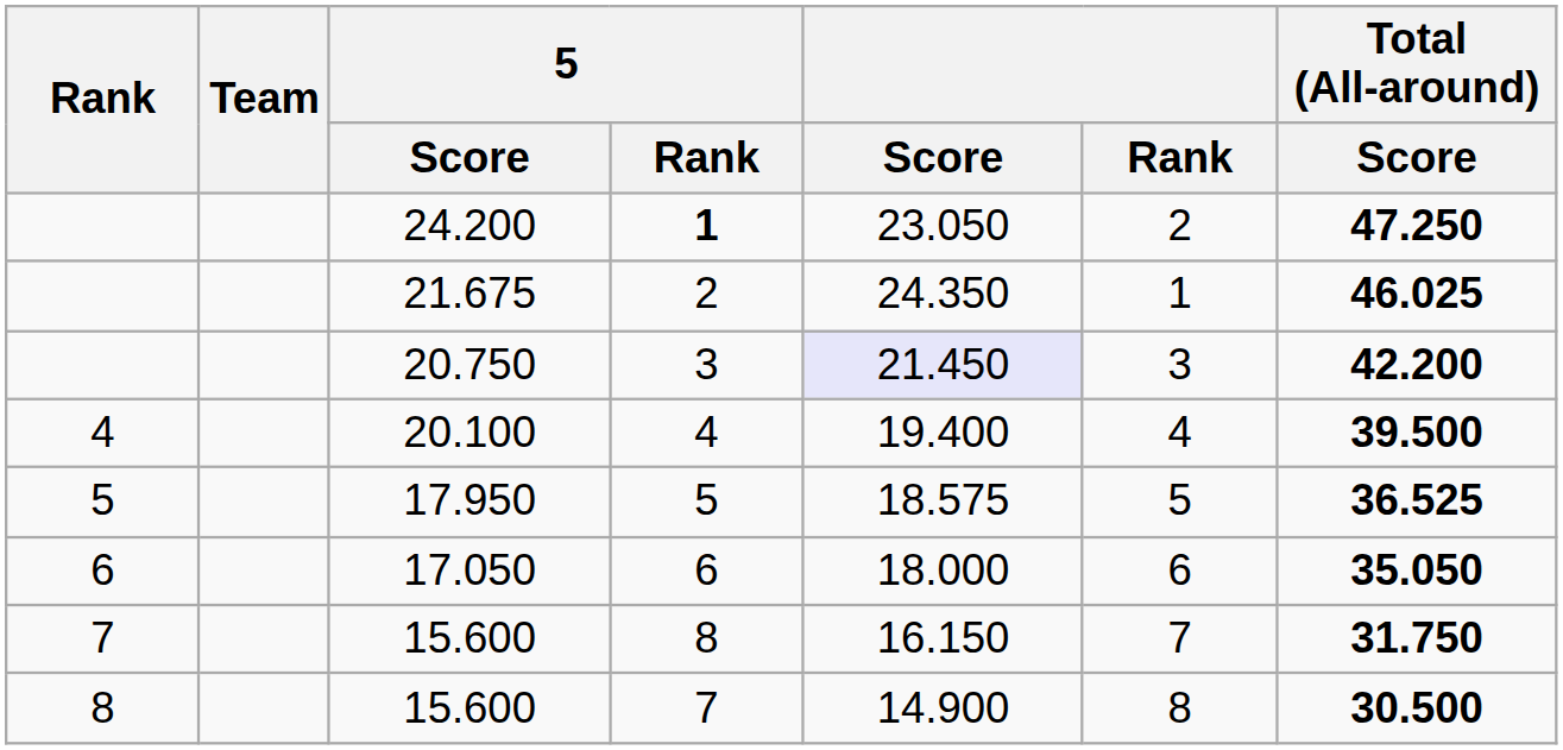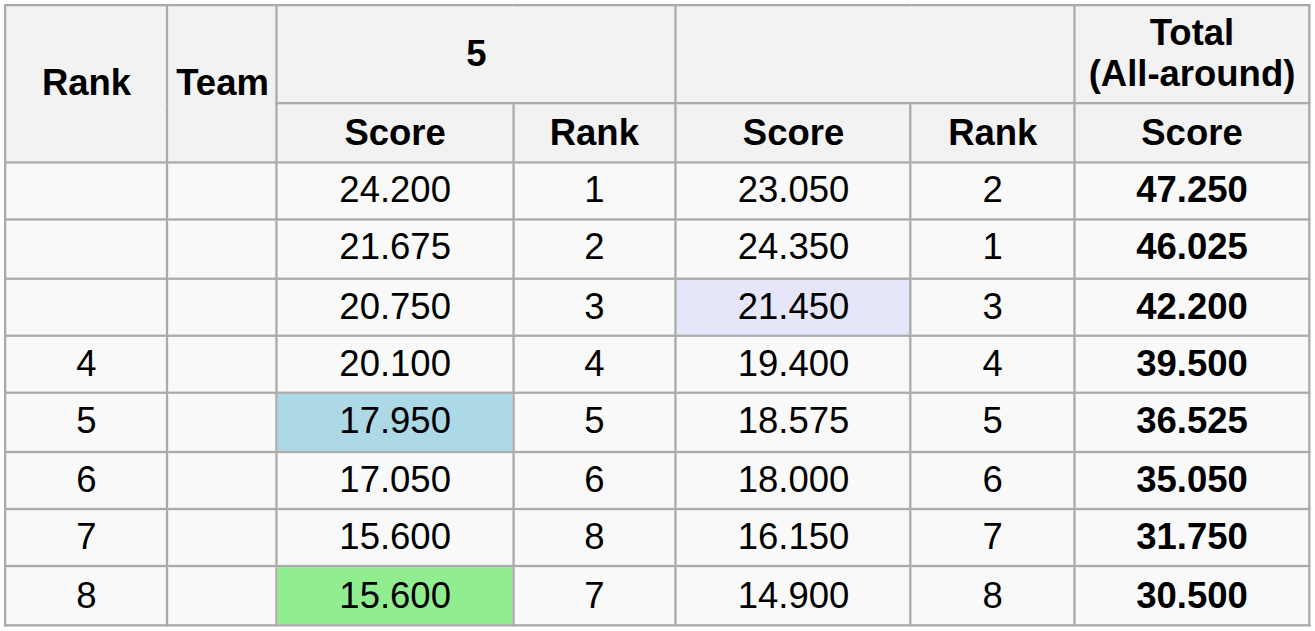 <table class="wikitable" style="text-align:center">
 <tr>
 <th style="width:4em" rowspan="2">Rank</th>
 <th rowspan="2">Team</th>
 <th style="width:6em" colspan="2">5 </th>
 <th style="width:6em" colspan="2"></th>
 <th style="width:6em" colspan="2">Total<br>(All-around)</th>
 </tr>
 <tr>
 <th style="width:6em">Score</th>
 <th style="width:4em">Rank</th>
 <th style="width:6em">Score</th>
 <th style="width:4em">Rank</th>
 <th style="width:6em">Score</th>
 </tr>
 <tr>
 <td></td>
 <td align="left"></td>
 <td>24.200</td>
-<td><strong>1</strong></td>
+<td>1</td>
 <td>23.050</td>
 <td>2</td>
 <td><strong>47.250</strong></td>
 </tr>
 <tr>
 <td></td>
 <td align="left"></td>
 <td>21.675</td>
 <td>2</td>
 <td>24.350</td>
 <td>1</td>
 <td><strong>46.025</strong></td>
 </tr>
 <tr>
 <td></td>
 <td align="left"></td>
 <td>20.750</td>
 <td>3</td>
 <td style="background: lavender;">21.450</td>
 <td>3</td>
 <td><strong>42.200</strong></td>
 </tr>
 <tr>
 <td>4</td>
 <td align="left"></td>
 <td>20.100</td>
 <td>4</td>
 <td>19.400</td>
 <td>4</td>
 <td><strong>39.500</strong></td>
 </tr>
 <tr>
 <td>5</td>
 <td align="left"></td>
-<td>17.950</td>
+<td style="background: lightblue;">17.950</td>
 <td>5</td>
 <td>18.575</td>
 <td>5</td>
 <td><strong>36.525</strong></td>
 </tr>
 <tr>
 <td>6</td>
 <td align="left"></td>
 <td>17.050</td>
 <td>6</td>
 <td>18.000</td>
 <td>6</td>
 <td><strong>35.050</strong></td>
 </tr>
 <tr>
 <td>7</td>
 <td align="left"></td>
 <td>15.600</td>
 <td>8</td>
 <td>16.150</td>
 <td>7</td>
 <td><strong>31.750</strong></td>
 </tr>
 <tr>
 <td>8</td>
 <td align="left"></td>
-<td>15.600</td>
+<td style="background: lightgreen;">15.600</td>
 <td>7</td>
 <td>14.900</td>
 <td>8</td>
 <td><strong>30.500</strong></td>
 </tr>
 </table>
